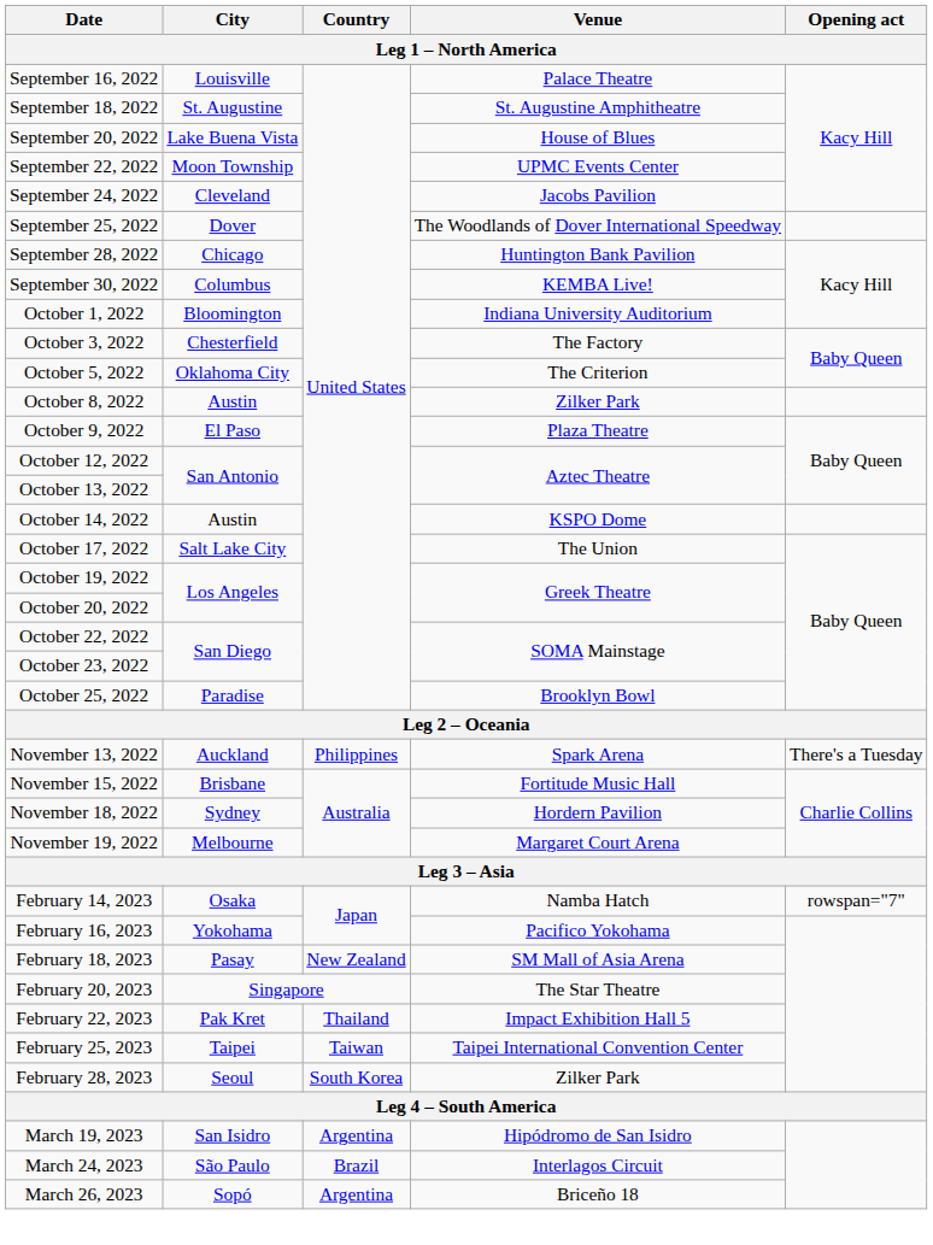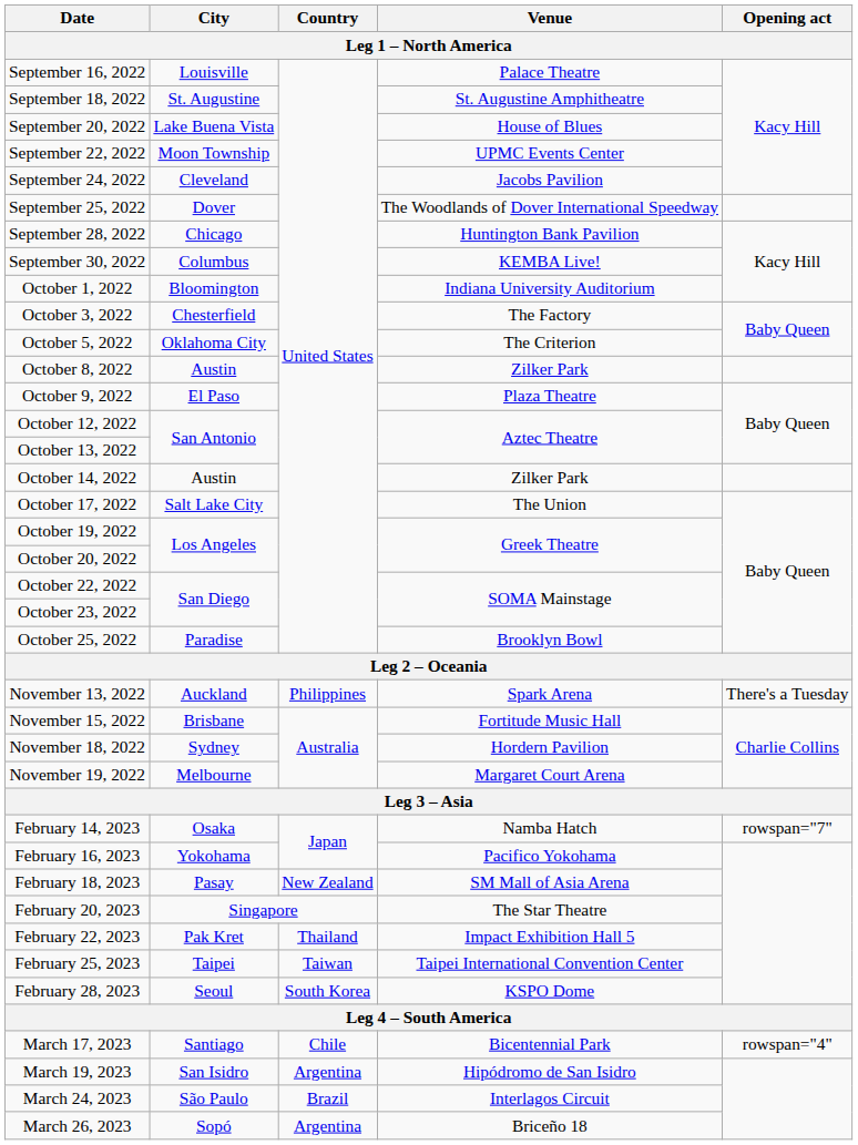 <table class="wikitable" style="text-align:center;">
 <tr>
 <th>Date</th>
 <th>City</th>
 <th>Country</th>
 <th>Venue</th>
 <th>Opening act</th>
 </tr>
 <tr>
 <th colspan="5">Leg 1 – North America</th>
 </tr>
 <tr>
 <td>September 16, 2022</td>
 <td><a href='#'>Louisville</a></td>
 <td rowspan="22"><a href='#'>United States</a></td>
 <td><a href='#'>Palace Theatre</a></td>
 <td rowspan="5"><a href='#'>Kacy Hill</a></td>
 </tr>
 <tr>
 <td>September 18, 2022</td>
 <td><a href='#'>St. Augustine</a></td>
 <td><a href='#'>St. Augustine Amphitheatre</a></td>
 </tr>
 <tr>
 <td>September 20, 2022</td>
 <td><a href='#'>Lake Buena Vista</a></td>
 <td><a href='#'>House of Blues</a></td>
 </tr>
 <tr>
 <td>September 22, 2022</td>
 <td><a href='#'>Moon Township</a></td>
 <td><a href='#'>UPMC Events Center</a></td>
 </tr>
 <tr>
 <td>September 24, 2022</td>
 <td><a href='#'>Cleveland</a></td>
 <td><a href='#'>Jacobs Pavilion</a></td>
 </tr>
 <tr>
 <td>September 25, 2022</td>
 <td><a href='#'>Dover</a></td>
 <td>The Woodlands of <a href='#'>Dover International Speedway</a></td>
 <td></td>
 </tr>
 <tr>
 <td>September 28, 2022</td>
 <td><a href='#'>Chicago</a></td>
 <td><a href='#'>Huntington Bank Pavilion</a></td>
 <td rowspan="3">Kacy Hill</td>
 </tr>
 <tr>
 <td>September 30, 2022</td>
 <td><a href='#'>Columbus</a></td>
 <td><a href='#'>KEMBA Live!</a></td>
 </tr>
 <tr>
 <td>October 1, 2022</td>
 <td><a href='#'>Bloomington</a></td>
 <td><a href='#'>Indiana University Auditorium</a></td>
 </tr>
 <tr>
 <td>October 3, 2022</td>
 <td><a href='#'>Chesterfield</a></td>
 <td>The Factory</td>
 <td rowspan="2"><a href='#'>Baby Queen</a></td>
 </tr>
 <tr>
 <td>October 5, 2022</td>
 <td><a href='#'>Oklahoma City</a></td>
 <td>The Criterion</td>
 </tr>
 <tr>
 <td>October 8, 2022</td>
 <td><a href='#'>Austin</a></td>
 <td><a href='#'>Zilker Park</a></td>
 <td></td>
 </tr>
 <tr>
 <td>October 9, 2022</td>
 <td><a href='#'>El Paso</a></td>
 <td><a href='#'>Plaza Theatre</a></td>
 <td rowspan="3">Baby Queen</td>
 </tr>
 <tr>
 <td>October 12, 2022</td>
 <td rowspan="2"><a href='#'>San Antonio</a></td>
 <td rowspan="2"><a href='#'>Aztec Theatre</a></td>
 </tr>
 <tr>
 <td>October 13, 2022</td>
 </tr>
 <tr>
 <td>October 14, 2022</td>
 <td>Austin</td>
-<td><a href='#'>KSPO Dome</a></td>
+<td>Zilker Park</td>
 <td></td>
 </tr>
 <tr>
 <td>October 17, 2022</td>
 <td><a href='#'>Salt Lake City</a></td>
 <td>The Union</td>
 <td rowspan="6">Baby Queen</td>
 </tr>
 <tr>
 <td>October 19, 2022</td>
 <td rowspan="2"><a href='#'>Los Angeles</a></td>
 <td rowspan="2"><a href='#'>Greek Theatre</a></td>
 </tr>
 <tr>
 <td>October 20, 2022</td>
 </tr>
 <tr>
 <td>October 22, 2022</td>
 <td rowspan="2"><a href='#'>San Diego</a></td>
 <td rowspan="2"><a href='#'>SOMA</a> Mainstage</td>
 </tr>
 <tr>
 <td>October 23, 2022</td>
 </tr>
 <tr>
 <td>October 25, 2022</td>
 <td><a href='#'>Paradise</a></td>
 <td><a href='#'>Brooklyn Bowl</a></td>
 </tr>
 <tr>
 <th colspan="5">Leg 2 – Oceania</th>
 </tr>
 <tr>
 <td>November 13, 2022</td>
 <td><a href='#'>Auckland</a></td>
 <td><a href='#'>Philippines</a></td>
 <td><a href='#'>Spark Arena</a></td>
 <td>There's a Tuesday</td>
 </tr>
 <tr>
 <td>November 15, 2022</td>
 <td><a href='#'>Brisbane</a></td>
 <td rowspan="3"><a href='#'>Australia</a></td>
 <td><a href='#'>Fortitude Music Hall</a></td>
 <td rowspan="3"><a href='#'>Charlie Collins</a></td>
 </tr>
 <tr>
 <td>November 18, 2022</td>
 <td><a href='#'>Sydney</a></td>
 <td><a href='#'>Hordern Pavilion</a></td>
 </tr>
 <tr>
 <td>November 19, 2022</td>
 <td><a href='#'>Melbourne</a></td>
 <td><a href='#'>Margaret Court Arena</a></td>
 </tr>
 <tr>
 <th colspan="5">Leg 3 – Asia</th>
 </tr>
 <tr>
 <td>February 14, 2023</td>
 <td><a href='#'>Osaka</a></td>
 <td rowspan="2"><a href='#'>Japan</a></td>
 <td>Namba Hatch</td>
 <td>rowspan="7" </td>
 </tr>
 <tr>
 <td>February 16, 2023</td>
 <td><a href='#'>Yokohama</a></td>
 <td><a href='#'>Pacifico Yokohama</a></td>
 </tr>
 <tr>
 <td>February 18, 2023</td>
 <td><a href='#'>Pasay</a></td>
 <td><a href='#'>New Zealand</a></td>
 <td><a href='#'>SM Mall of Asia Arena</a></td>
 </tr>
 <tr>
 <td>February 20, 2023</td>
 <td colspan="2"><a href='#'>Singapore</a></td>
 <td>The Star Theatre</td>
 </tr>
 <tr>
 <td>February 22, 2023</td>
 <td><a href='#'>Pak Kret</a></td>
 <td><a href='#'>Thailand</a></td>
 <td><a href='#'>Impact Exhibition Hall 5</a></td>
 </tr>
 <tr>
 <td>February 25, 2023</td>
 <td><a href='#'>Taipei</a></td>
 <td><a href='#'>Taiwan</a></td>
 <td><a href='#'>Taipei International Convention Center</a></td>
 </tr>
 <tr>
 <td>February 28, 2023</td>
 <td><a href='#'>Seoul</a></td>
 <td><a href='#'>South Korea</a></td>
-<td>Zilker Park</td>
+<td><a href='#'>KSPO Dome</a></td>
 </tr>
 <tr>
 <th colspan="5">Leg 4 – South America</th>
+</tr>
+<tr>
+<td>March 17, 2023</td>
+<td><a href='#'>Santiago</a></td>
+<td><a href='#'>Chile</a></td>
+<td><a href='#'>Bicentennial Park</a></td>
+<td>rowspan="4" </td>
 </tr>
 <tr>
 <td>March 19, 2023</td>
 <td><a href='#'>San Isidro</a></td>
 <td><a href='#'>Argentina</a></td>
 <td><a href='#'>Hipódromo de San Isidro</a></td>
 </tr>
 <tr>
 <td>March 24, 2023</td>
 <td><a href='#'>São Paulo</a></td>
 <td><a href='#'>Brazil</a></td>
 <td><a href='#'>Interlagos Circuit</a></td>
 </tr>
 <tr>
 <td>March 26, 2023</td>
 <td><a href='#'>Sopó</a></td>
 <td><a href='#'>Argentina</a></td>
 <td>Briceño 18</td>
 </tr>
 </table>
